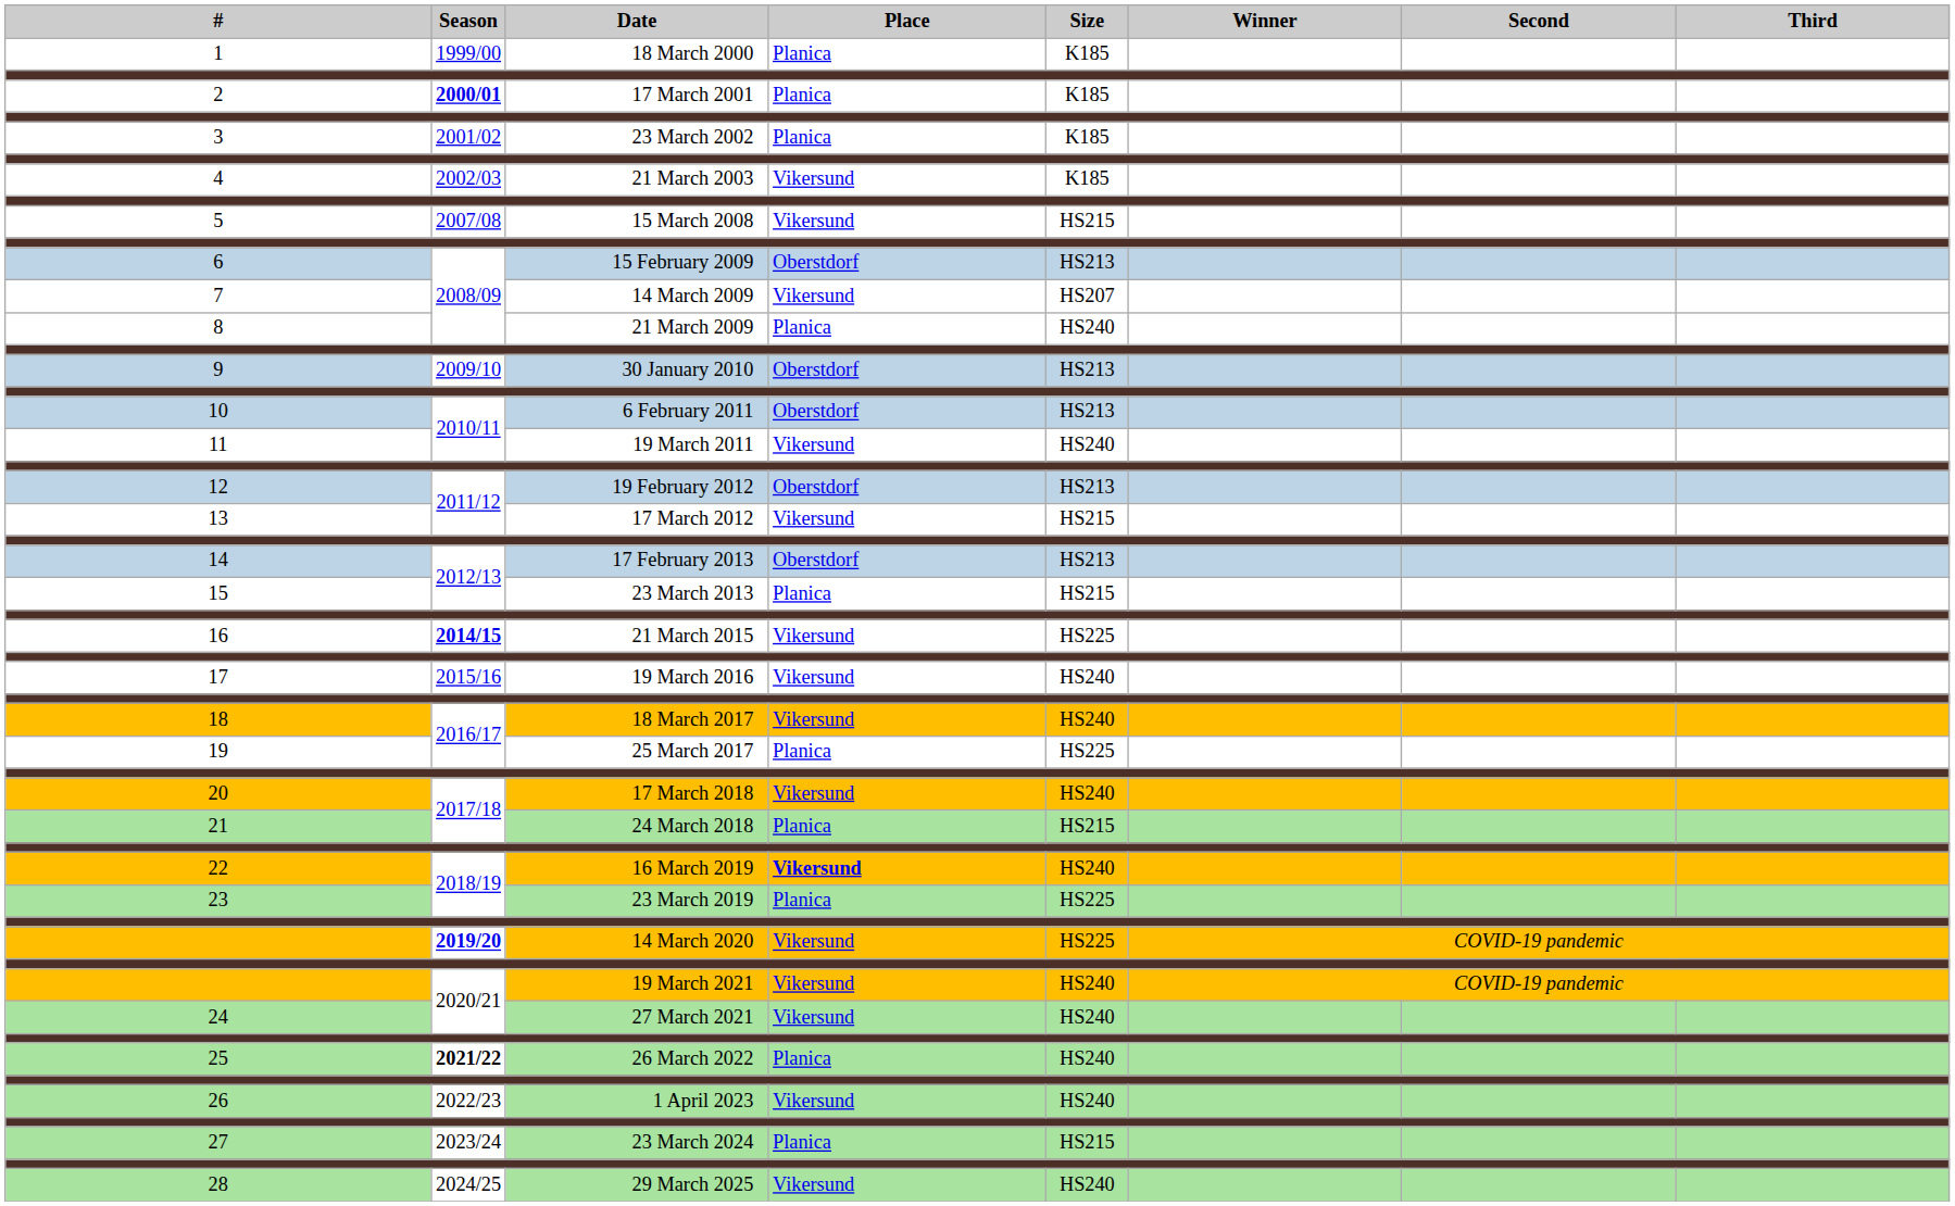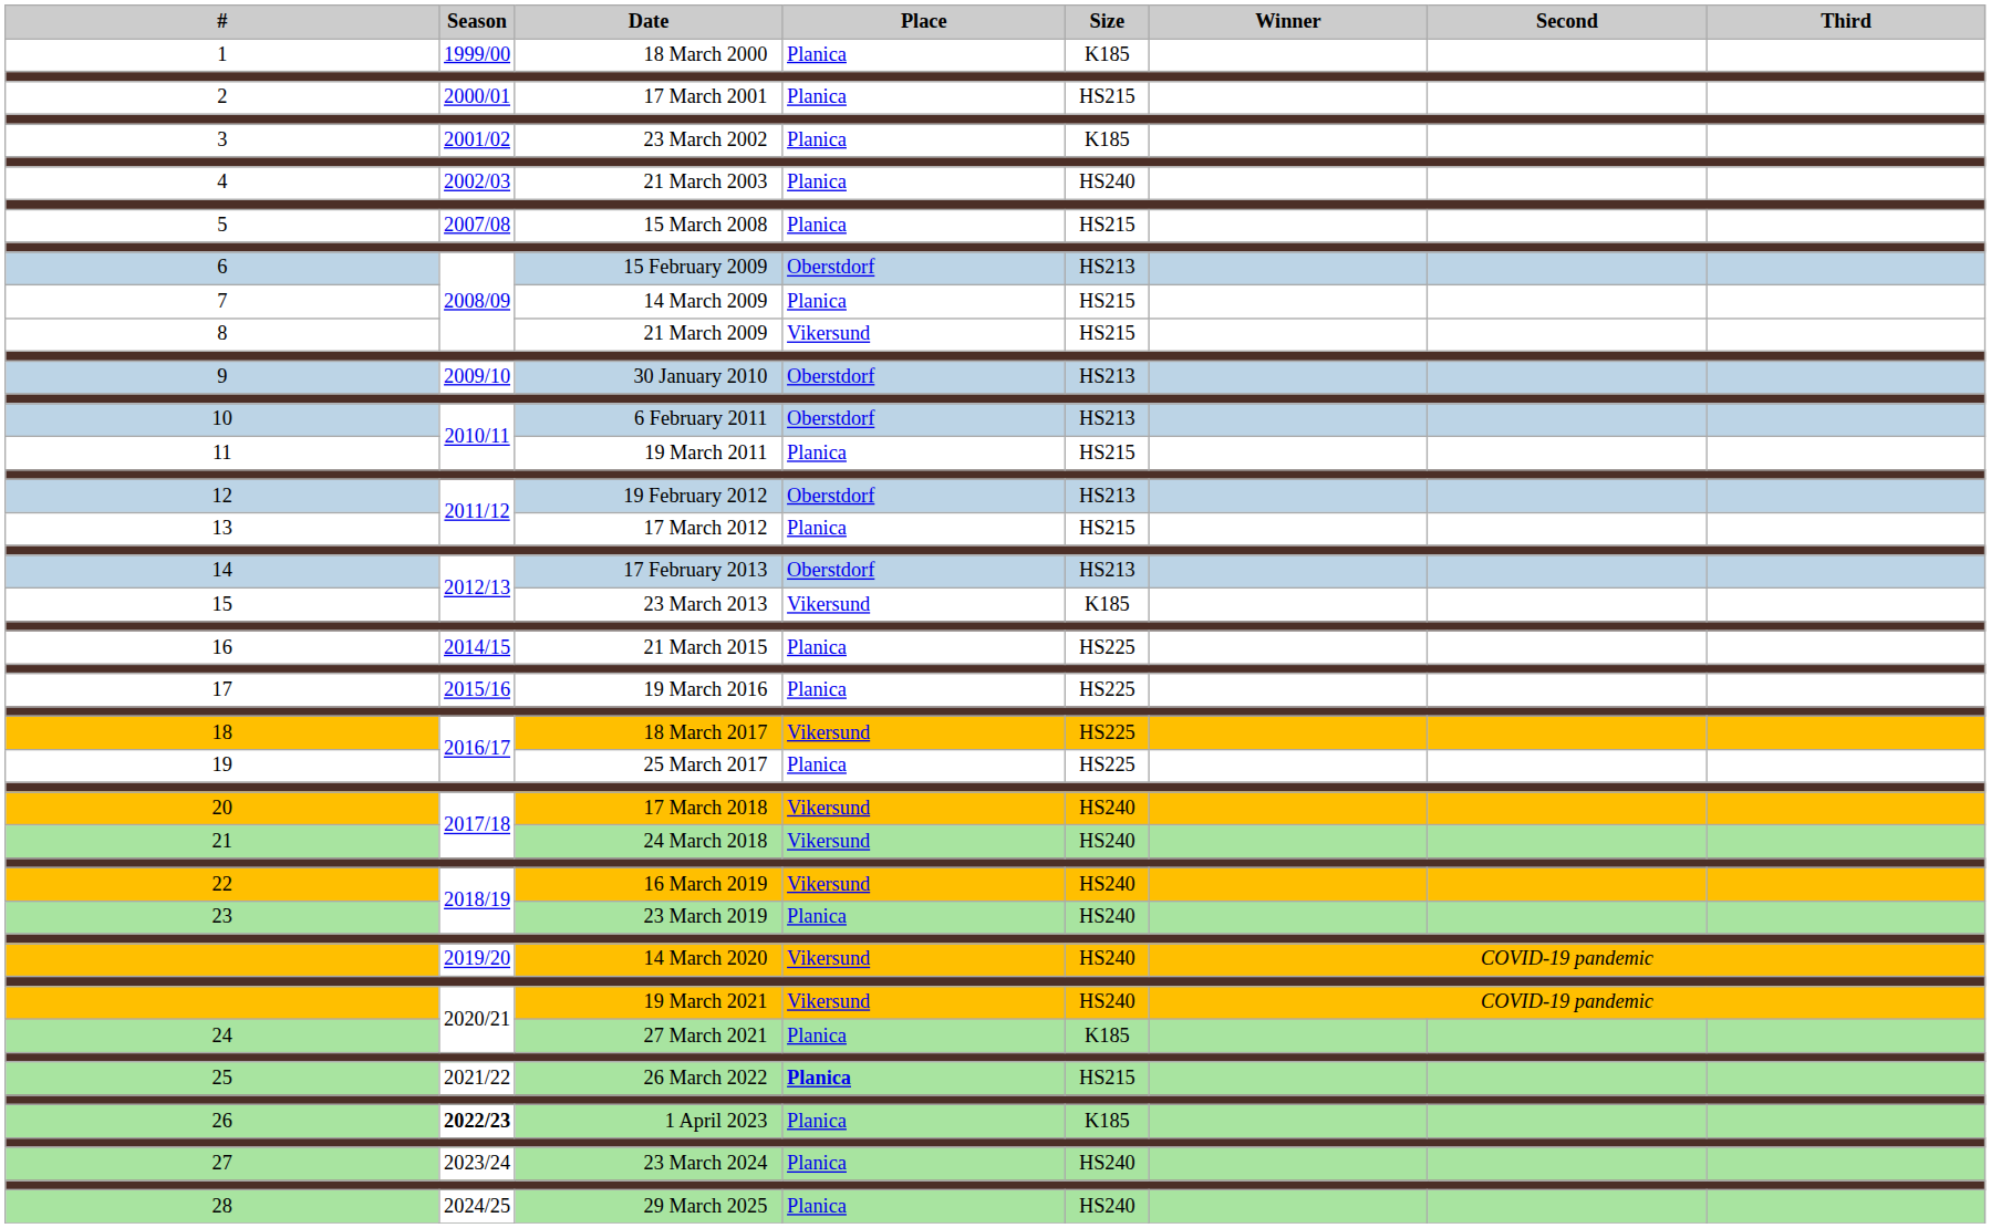 <table class="wikitable plainrowheaders" style="background:#fff; font-size:86%; width:85%; line-height:16px; border:grey solid 1px; border-collapse:collapse;">
 <tr style="background:#ccc; text-align:center;">
 <th scope="col" style="background:#ccc; width=40px;">#</th>
 <th scope="col" style="background:#ccc; width:30px;">Season</th>
 <th scope="col" style="background:#ccc; width:175px;">Date</th>
 <th scope="col" style="background:#ccc; width:186px;">Place</th>
 <th scope="col" style="background:#ccc; width:50px;">Size</th>
 <th scope="col" style="background:#ccc; width:183px;">Winner</th>
 <th scope="col" style="background:#ccc; width:183px;">Second</th>
 <th scope="col" style="background:#ccc; width:183px;">Third</th>
 </tr>
 <tr>
 <td style="text-align:center">1</td>
 <td style="text-align:center"><a href='#'>1999/00</a></td>
 <td style="text-align:right">18 March 2000  </td>
 <td> <a href='#'>Planica</a></td>
 <td style="text-align:center">K185</td>
 <td></td>
 <td></td>
 <td></td>
 </tr>
 <tr style="background:#4C2F27">
 <td colspan=9></td>
 </tr>
 <tr>
 <td style="text-align:center">2</td>
-<td style="text-align:center"><strong><a href='#'>2000/01</a></strong></td>
+<td style="text-align:center"><a href='#'>2000/01</a></td>
 <td style="text-align:right">17 March 2001  </td>
 <td> <a href='#'>Planica</a></td>
-<td style="text-align:center">K185</td>
+<td style="text-align:center">HS215</td>
 <td></td>
 <td></td>
 <td></td>
 </tr>
 <tr style="background:#4C2F27">
 <td colspan=9></td>
 </tr>
 <tr>
 <td style="text-align:center">3</td>
 <td style="text-align:center"><a href='#'>2001/02</a></td>
 <td style="text-align:right">23 March 2002  </td>
 <td> <a href='#'>Planica</a></td>
 <td style="text-align:center">K185</td>
 <td></td>
 <td></td>
 <td></td>
 </tr>
 <tr style="background:#4C2F27">
 <td colspan=9></td>
 </tr>
 <tr>
 <td style="text-align:center">4</td>
 <td style="text-align:center"><a href='#'>2002/03</a></td>
 <td style="text-align:right">21 March 2003  </td>
-<td> <a href='#'>Vikersund</a></td>
-<td style="text-align:center">K185</td>
+<td> <a href='#'>Planica</a></td>
+<td style="text-align:center">HS240</td>
 <td></td>
 <td></td>
 <td></td>
 </tr>
 <tr style="background:#4C2F27">
 <td colspan=9></td>
 </tr>
 <tr>
 <td style="text-align:center">5</td>
 <td style="text-align:center"><a href='#'>2007/08</a></td>
 <td style="text-align:right">15 March 2008  </td>
-<td> <a href='#'>Vikersund</a></td>
+<td> <a href='#'>Planica</a></td>
 <td style="text-align:center">HS215</td>
 <td></td>
 <td></td>
 <td></td>
 </tr>
 <tr style="background:#4C2F27">
 <td colspan=9></td>
 </tr>
 <tr>
 <td style="text-align:center; background:#BCD4E6">6</td>
 <td style="text-align:center" rowspan=3><a href='#'>2008/09</a></td>
 <td style="text-align:right; background:#BCD4E6">15 February 2009  </td>
 <td style="background:#BCD4E6"> <a href='#'>Oberstdorf</a></td>
 <td style="text-align:center; background:#BCD4E5">HS213</td>
 <td style="background:#BCD4E6"></td>
 <td style="background:#BCD4E6"></td>
 <td style="background:#BCD4E6"></td>
 </tr>
 <tr>
 <td style="text-align:center">7</td>
 <td style="text-align:right">14 March 2009  </td>
-<td> <a href='#'>Vikersund</a></td>
-<td style="text-align:center">HS207</td>
+<td> <a href='#'>Planica</a></td>
+<td style="text-align:center">HS215</td>
 <td></td>
 <td></td>
 <td></td>
 </tr>
 <tr>
 <td style="text-align:center">8</td>
 <td style="text-align:right">21 March 2009  </td>
-<td> <a href='#'>Planica</a></td>
-<td style="text-align:center">HS240</td>
+<td> <a href='#'>Vikersund</a></td>
+<td style="text-align:center">HS215</td>
 <td></td>
 <td></td>
 <td></td>
 </tr>
 <tr style="background:#4C2F27">
 <td colspan=9></td>
 </tr>
 <tr>
 <td style="text-align:center; background:#BCD4E6">9</td>
 <td style="text-align:center"><a href='#'>2009/10</a></td>
 <td style="text-align:right; background:#BCD4E6">30 January 2010  </td>
 <td style="background:#BCD4E6"> <a href='#'>Oberstdorf</a></td>
 <td style="text-align:center; background:#BCD4E6">HS213</td>
 <td style="background:#BCD4E6"></td>
 <td style="background:#BCD4E6"></td>
 <td style="background:#BCD4E6"></td>
 </tr>
 <tr style="background:#4C2F27">
 <td colspan=9></td>
 </tr>
 <tr>
 <td style="text-align:center; background:#BCD4E6">10</td>
 <td style="text-align:center" rowspan=2><a href='#'>2010/11</a></td>
 <td style="text-align:right; background:#BCD4E6">6 February 2011  </td>
 <td style="background:#BCD4E6"> <a href='#'>Oberstdorf</a></td>
 <td style="text-align:center; background:#BCD4E6">HS213</td>
 <td style="background:#BCD4E6"></td>
 <td style="background:#BCD4E6"></td>
 <td style="background:#BCD4E6"></td>
 </tr>
 <tr>
 <td style="text-align:center">11</td>
 <td style="text-align:right">19 March 2011  </td>
-<td> <a href='#'>Vikersund</a></td>
-<td style="text-align:center">HS240</td>
+<td> <a href='#'>Planica</a></td>
+<td style="text-align:center">HS215</td>
 <td></td>
 <td></td>
 <td></td>
 </tr>
 <tr style="background:#4C2F27">
 <td colspan=9></td>
 </tr>
 <tr>
 <td style="text-align:center; background:#BCD4E6">12</td>
 <td style="text-align:center" rowspan=2><a href='#'>2011/12</a></td>
 <td style="text-align:right; background:#BCD4E6">19 February 2012  </td>
 <td style="background:#BCD4E6"> <a href='#'>Oberstdorf</a></td>
 <td style="text-align:center; background:#BCD4E6">HS213</td>
 <td style="background:#BCD4E6"></td>
 <td style="background:#BCD4E6"></td>
 <td style="background:#BCD4E6"></td>
 </tr>
 <tr>
 <td style="text-align:center">13</td>
 <td style="text-align:right">17 March 2012  </td>
-<td> <a href='#'>Vikersund</a></td>
+<td> <a href='#'>Planica</a></td>
 <td style="text-align:center">HS215</td>
 <td></td>
 <td></td>
 <td></td>
 </tr>
 <tr style="background:#4C2F27">
 <td colspan=9></td>
 </tr>
 <tr>
 <td style="text-align:center; background:#BCD4E6">14</td>
 <td style="text-align:center" rowspan=2><a href='#'>2012/13</a></td>
 <td style="text-align:right; background:#BCD4E6">17 February 2013  </td>
 <td style="background:#BCD4E6"> <a href='#'>Oberstdorf</a></td>
 <td style="text-align:center; background:#BCD4E6">HS213</td>
 <td style="background:#BCD4E6"></td>
 <td style="background:#BCD4E6"></td>
 <td style="background:#BCD4E6"></td>
 </tr>
 <tr>
 <td style="text-align:center">15</td>
 <td style="text-align:right">23 March 2013  </td>
-<td> <a href='#'>Planica</a></td>
-<td style="text-align:center">HS215</td>
+<td> <a href='#'>Vikersund</a></td>
+<td style="text-align:center">K185</td>
 <td></td>
 <td></td>
 <td></td>
 </tr>
 <tr style="background:#4C2F27">
 <td colspan=9></td>
 </tr>
 <tr>
 <td style="text-align:center">16</td>
-<td style="text-align:center"><strong><a href='#'>2014/15</a></strong></td>
+<td style="text-align:center"><a href='#'>2014/15</a></td>
 <td style="text-align:right">21 March 2015  </td>
-<td> <a href='#'>Vikersund</a></td>
+<td> <a href='#'>Planica</a></td>
 <td style="text-align:center">HS225</td>
 <td></td>
 <td></td>
 <td></td>
 </tr>
 <tr style="background:#4C2F27">
 <td colspan=9></td>
 </tr>
 <tr>
 <td style="text-align:center">17</td>
 <td style="text-align:center"><a href='#'>2015/16</a></td>
 <td style="text-align:right">19 March 2016  </td>
-<td> <a href='#'>Vikersund</a></td>
-<td style="text-align:center">HS240</td>
+<td> <a href='#'>Planica</a></td>
+<td style="text-align:center">HS225</td>
 <td></td>
 <td></td>
 <td></td>
 </tr>
 <tr style="background:#4C2F27">
 <td colspan=9></td>
 </tr>
 <tr>
 <td style="text-align:center; background:#FFBF00">18</td>
 <td style="text-align:center" rowspan=2><a href='#'>2016/17</a></td>
 <td style="text-align:right; background:#FFBF00">18 March 2017  </td>
 <td style="background:#FFBF00"> <a href='#'>Vikersund</a></td>
-<td style="text-align:center; background:#FFBF00">HS240</td>
+<td style="text-align:center; background:#FFBF00">HS225</td>
 <td style="background:#FFBF00"></td>
 <td style="background:#FFBF00"></td>
 <td style="background:#FFBF00"></td>
 </tr>
 <tr>
 <td style="text-align:center">19</td>
 <td style="text-align:right">25 March 2017  </td>
 <td> <a href='#'>Planica</a></td>
 <td style="text-align:center">HS225</td>
 <td></td>
 <td></td>
 <td></td>
 </tr>
 <tr style="background:#4C2F27">
 <td colspan=9></td>
 </tr>
 <tr>
 <td style="text-align:center; background:#FFBF00">20</td>
 <td style="text-align:center" rowspan=2><a href='#'>2017/18</a></td>
 <td style="text-align:right; background:#FFBF00">17 March 2018  </td>
 <td style="background:#FFBF00"> <a href='#'>Vikersund</a></td>
 <td style="text-align:center; background:#FFBF00">HS240</td>
 <td style="background:#FFBF00"></td>
 <td style="background:#FFBF00"></td>
 <td style="background:#FFBF00"></td>
 </tr>
 <tr style="background:#A8E4A0">
 <td style="text-align:center">21</td>
 <td style="text-align:right">24 March 2018  </td>
-<td> <a href='#'>Planica</a></td>
-<td style="text-align:center">HS215</td>
+<td> <a href='#'>Vikersund</a></td>
+<td style="text-align:center">HS240</td>
 <td></td>
 <td></td>
 <td></td>
 </tr>
 <tr style="background:#4C2F27">
 <td colspan=9></td>
 </tr>
 <tr>
 <td style="text-align:center; background:#FFBF00">22</td>
 <td style="text-align:center" rowspan=2><a href='#'>2018/19</a></td>
 <td style="text-align:right; background:#FFBF00">16 March 2019  </td>
-<td style="background:#FFBF00"><strong> <a href='#'>Vikersund</a></strong></td>
+<td style="background:#FFBF00"> <a href='#'>Vikersund</a></td>
 <td style="text-align:center; background:#FFBF00">HS240</td>
 <td style="background:#FFBF00"></td>
 <td style="background:#FFBF00"></td>
 <td style="background:#FFBF00"></td>
 </tr>
 <tr style="background:#A8E4A0">
 <td style="text-align:center">23</td>
 <td style="text-align:right">23 March 2019  </td>
 <td> <a href='#'>Planica</a></td>
-<td style="text-align:center">HS225</td>
+<td style="text-align:center">HS240</td>
 <td></td>
 <td></td>
 <td></td>
 </tr>
 <tr style="background:#4C2F27">
 <td colspan=9></td>
 </tr>
 <tr>
 <td style="text-align:center; background:#FFBF00"></td>
-<td style="text-align:center"><strong><a href='#'>2019/20</a></strong></td>
+<td style="text-align:center"><a href='#'>2019/20</a></td>
 <td style="text-align:right; background:#FFBF00">14 March 2020  </td>
 <td style="background:#FFBF00"> <a href='#'>Vikersund</a></td>
-<td style="text-align:center; background:#FFBF00">HS225</td>
+<td style="text-align:center; background:#FFBF00">HS240</td>
 <td style="text-align:center; background:#FFBF00" colspan=3><em>COVID-19 pandemic</em></td>
 </tr>
 <tr style="background:#4C2F27">
 <td colspan=9></td>
 </tr>
 <tr>
 <td style="text-align:center; background:#FFBF00"></td>
 <td style="text-align:center" rowspan=2>2020/21</td>
 <td style="text-align:right; background:#FFBF00">19 March 2021  </td>
 <td style="background:#FFBF00"> <a href='#'>Vikersund</a></td>
 <td style="text-align:center; background:#FFBF00">HS240</td>
 <td style="text-align:center; background:#FFBF00" colspan="3"><em>COVID-19 pandemic</em></td>
 </tr>
 <tr style="background:#A8E4A0">
 <td style="text-align:center">24</td>
 <td style="text-align:right">27 March 2021  </td>
-<td> <a href='#'>Vikersund</a></td>
-<td style="text-align:center">HS240</td>
+<td> <a href='#'>Planica</a></td>
+<td style="text-align:center">K185</td>
 <td></td>
 <td></td>
 <td></td>
 </tr>
 <tr style="background:#4C2F27">
 <td colspan=9></td>
 </tr>
 <tr style="background:#A8E4A0" colspan=9>
 <td style="text-align:center">25</td>
-<td bgcolor="white"><strong>2021/22</strong></td>
+<td bgcolor="white">2021/22</td>
 <td style="text-align:right">26 March 2022  </td>
-<td> <a href='#'>Planica</a></td>
-<td style="text-align:center">HS240</td>
+<td><strong> <a href='#'>Planica</a></strong></td>
+<td style="text-align:center">HS215</td>
 <td></td>
 <td></td>
 <td></td>
 </tr>
 <tr style="background:#4C2F27">
 <td colspan=9></td>
 </tr>
 <tr style="background:#A8E4A0" colspan=9>
 <td style="text-align:center">26</td>
-<td bgcolor="white">2022/23</td>
+<td bgcolor="white"><strong>2022/23</strong></td>
 <td style="text-align:right">1 April 2023  </td>
-<td> <a href='#'>Vikersund</a></td>
-<td style="text-align:center">HS240</td>
+<td> <a href='#'>Planica</a></td>
+<td style="text-align:center">K185</td>
 <td></td>
 <td></td>
 <td></td>
 </tr>
 <tr style="background:#4C2F27">
 <td colspan=9></td>
 </tr>
 <tr style="background:#A8E4A0" colspan=9>
 <td style="text-align:center">27</td>
 <td bgcolor="white">2023/24</td>
 <td style="text-align:right">23 March 2024  </td>
 <td> <a href='#'>Planica</a></td>
-<td style="text-align:center">HS215</td>
+<td style="text-align:center">HS240</td>
 <td></td>
 <td></td>
 <td></td>
 </tr>
 <tr style="background:#4C2F27">
 <td colspan=9></td>
 </tr>
 <tr style="background:#A8E4A0" colspan=9>
 <td style="text-align:center">28</td>
 <td bgcolor="white">2024/25</td>
 <td style="text-align:right">29 March 2025  </td>
-<td> <a href='#'>Vikersund</a></td>
+<td> <a href='#'>Planica</a></td>
 <td style="text-align:center">HS240</td>
 <td></td>
 <td></td>
 <td></td>
 </tr>
 </table>
